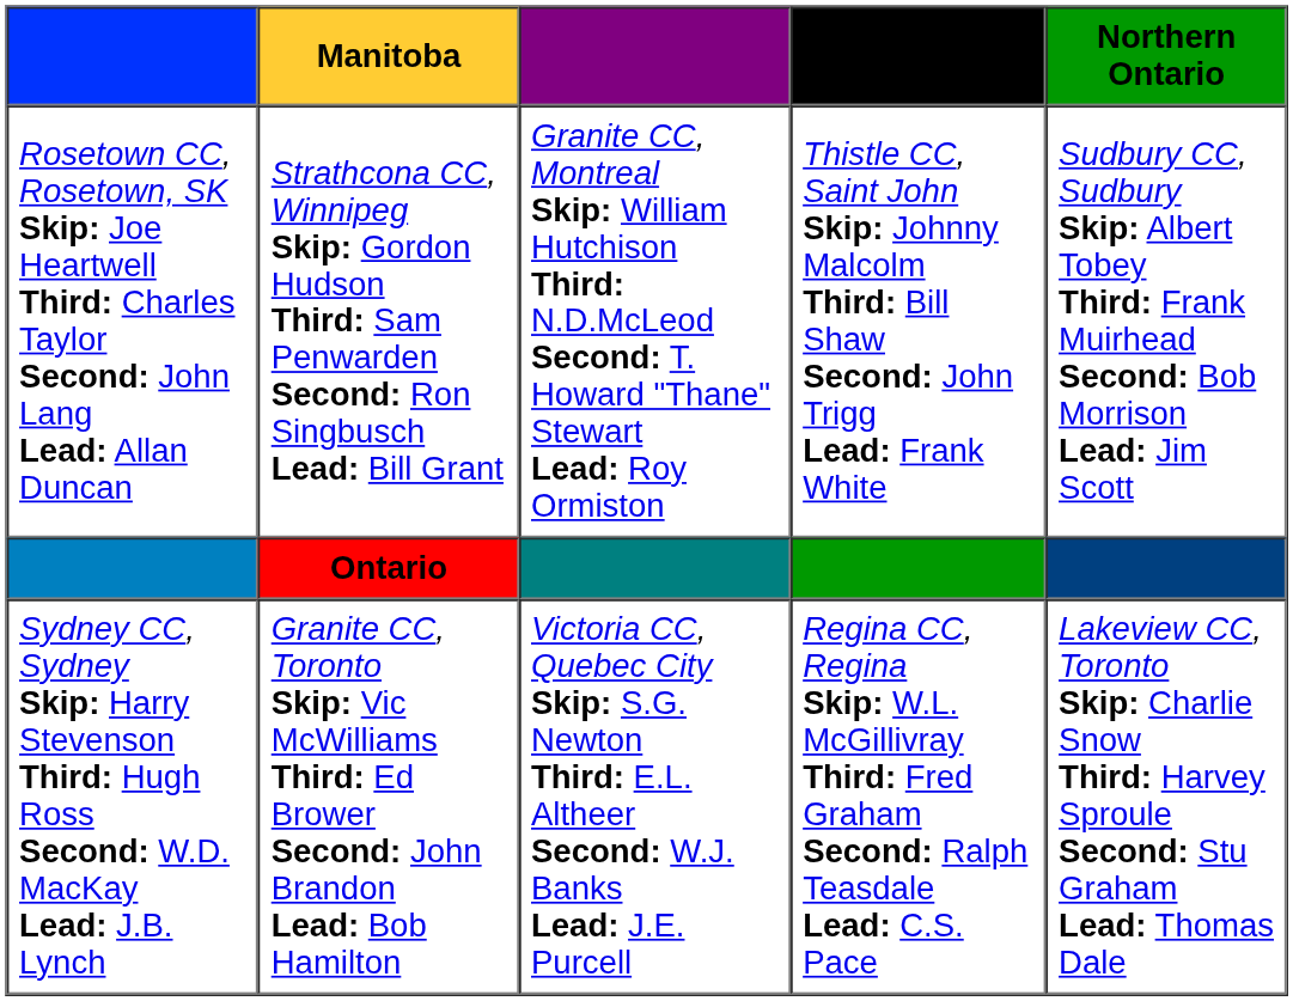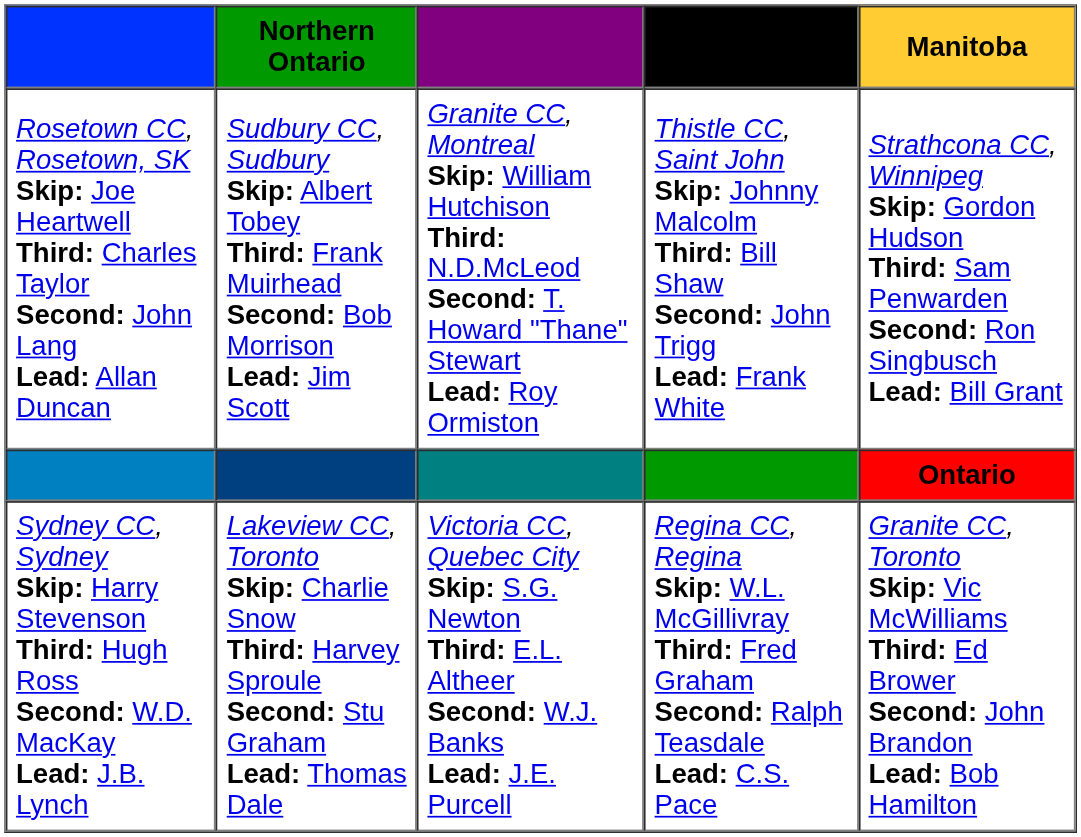 <table - border=1 cellpadding=5 cellspacing=0>
 <tr>
 <th bgcolor=#0033FF width=200></th>
-<th style="background:#FFCC33; width:200px;">Manitoba</th>
+<th style="background:#009900; width:200px;">Northern Ontario</th>
 <th bgcolor=#800080 width=200></th>
 <th bgcolor=#000000 width=200></th>
-<th style="background:#009900; width:200px;">Northern Ontario</th>
+<th style="background:#FFCC33; width:200px;">Manitoba</th>
 </tr>
 <tr>
 <td><em><a href='#'>Rosetown CC</a>, <a href='#'>Rosetown, SK</a></em><br><strong>Skip:</strong> <a href='#'>Joe Heartwell</a><br> <strong>Third:</strong> <a href='#'>Charles Taylor</a><br> <strong>Second:</strong> <a href='#'>John Lang</a><br> <strong>Lead:</strong> <a href='#'>Allan Duncan</a></td>
-<td><em><a href='#'>Strathcona CC</a>, <a href='#'>Winnipeg</a></em><br><strong>Skip:</strong> <a href='#'>Gordon Hudson</a><br> <strong>Third:</strong> <a href='#'>Sam Penwarden</a><br> <strong>Second:</strong> <a href='#'>Ron Singbusch</a><br> <strong>Lead:</strong> <a href='#'>Bill Grant</a></td>
+<td><em><a href='#'>Sudbury CC</a>, <a href='#'>Sudbury</a></em><br><strong>Skip:</strong> <a href='#'>Albert Tobey</a><br> <strong>Third:</strong> <a href='#'>Frank Muirhead</a><br> <strong>Second:</strong> <a href='#'>Bob Morrison</a><br> <strong>Lead:</strong> <a href='#'>Jim Scott</a></td>
 <td><em><a href='#'>Granite CC</a>, <a href='#'>Montreal</a></em><br><strong>Skip:</strong> <a href='#'>William Hutchison</a><br> <strong>Third:</strong> <a href='#'>N.D.McLeod</a><br> <strong>Second:</strong> <a href='#'>T. Howard "Thane" Stewart</a><br> <strong>Lead:</strong> <a href='#'>Roy Ormiston</a></td>
 <td><em><a href='#'>Thistle CC</a>, <a href='#'>Saint John</a></em><br><strong>Skip:</strong> <a href='#'>Johnny Malcolm</a><br> <strong>Third:</strong> <a href='#'>Bill Shaw</a><br> <strong>Second:</strong> <a href='#'>John Trigg</a><br> <strong>Lead:</strong> <a href='#'>Frank White</a></td>
-<td><em><a href='#'>Sudbury CC</a>, <a href='#'>Sudbury</a></em><br><strong>Skip:</strong> <a href='#'>Albert Tobey</a><br> <strong>Third:</strong> <a href='#'>Frank Muirhead</a><br> <strong>Second:</strong> <a href='#'>Bob Morrison</a><br> <strong>Lead:</strong> <a href='#'>Jim Scott</a></td>
+<td><em><a href='#'>Strathcona CC</a>, <a href='#'>Winnipeg</a></em><br><strong>Skip:</strong> <a href='#'>Gordon Hudson</a><br> <strong>Third:</strong> <a href='#'>Sam Penwarden</a><br> <strong>Second:</strong> <a href='#'>Ron Singbusch</a><br> <strong>Lead:</strong> <a href='#'>Bill Grant</a></td>
 </tr>
 <tr border=1 cellpadding=5 cellspacing=0>
 <th bgcolor=#0080C0 width=200></th>
-<th bgcolor=#FF0000 width=200>Ontario</th>
+<th bgcolor=#004080 width=200></th>
 <th style="background:#008080; width:200px;"></th>
 <th bgcolor=#009900 width=200></th>
-<th bgcolor=#004080 width=200></th>
+<th bgcolor=#FF0000 width=200>Ontario</th>
 </tr>
 <tr>
 <td><em><a href='#'>Sydney CC</a>, <a href='#'>Sydney</a></em><br><strong>Skip:</strong> <a href='#'>Harry Stevenson</a><br> <strong>Third:</strong> <a href='#'>Hugh Ross</a><br> <strong>Second:</strong> <a href='#'>W.D. MacKay</a><br> <strong>Lead:</strong> <a href='#'>J.B. Lynch</a></td>
-<td><em><a href='#'>Granite CC</a>, <a href='#'>Toronto</a></em><br><strong>Skip:</strong> <a href='#'>Vic McWilliams</a><br> <strong>Third:</strong> <a href='#'>Ed Brower</a><br> <strong>Second:</strong> <a href='#'>John Brandon</a><br> <strong>Lead:</strong> <a href='#'>Bob Hamilton</a></td>
+<td><em><a href='#'>Lakeview CC</a>, <a href='#'>Toronto</a></em><br><strong>Skip:</strong> <a href='#'>Charlie Snow</a><br> <strong>Third:</strong> <a href='#'>Harvey Sproule</a><br> <strong>Second:</strong> <a href='#'>Stu Graham</a><br> <strong>Lead:</strong> <a href='#'>Thomas Dale</a></td>
 <td><em><a href='#'>Victoria CC</a>, <a href='#'>Quebec City</a></em><br><strong>Skip:</strong> <a href='#'>S.G. Newton</a><br> <strong>Third:</strong> <a href='#'>E.L. Altheer</a><br> <strong>Second:</strong> <a href='#'>W.J. Banks</a><br> <strong>Lead:</strong> <a href='#'>J.E. Purcell</a></td>
 <td><em><a href='#'>Regina CC</a>, <a href='#'>Regina</a></em><br><strong>Skip:</strong> <a href='#'>W.L. McGillivray</a><br> <strong>Third:</strong> <a href='#'>Fred Graham</a><br> <strong>Second:</strong> <a href='#'>Ralph Teasdale</a><br> <strong>Lead:</strong> <a href='#'>C.S. Pace</a></td>
-<td><em><a href='#'>Lakeview CC</a>, <a href='#'>Toronto</a></em><br><strong>Skip:</strong> <a href='#'>Charlie Snow</a><br> <strong>Third:</strong> <a href='#'>Harvey Sproule</a><br> <strong>Second:</strong> <a href='#'>Stu Graham</a><br> <strong>Lead:</strong> <a href='#'>Thomas Dale</a></td>
+<td><em><a href='#'>Granite CC</a>, <a href='#'>Toronto</a></em><br><strong>Skip:</strong> <a href='#'>Vic McWilliams</a><br> <strong>Third:</strong> <a href='#'>Ed Brower</a><br> <strong>Second:</strong> <a href='#'>John Brandon</a><br> <strong>Lead:</strong> <a href='#'>Bob Hamilton</a></td>
 </tr>
 </table>
